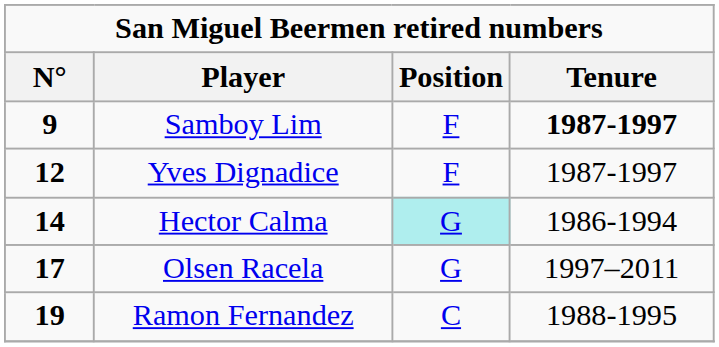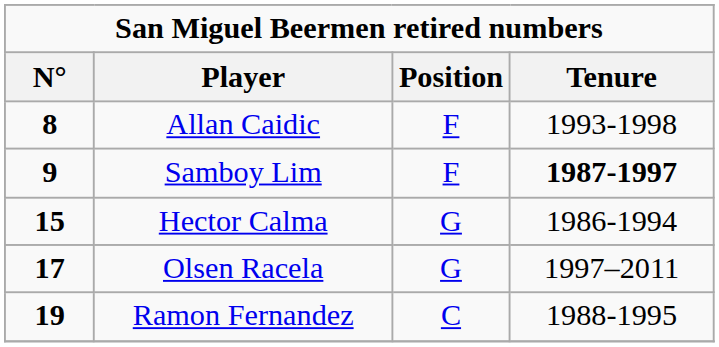 <table class="wikitable sortable" style="text-align:center">
 <tr>
 <td colspan="4" style="background: #"><strong>San Miguel Beermen retired numbers</strong></td>
 </tr>
 <tr>
 <th width=40px style="background: #">N°</th>
 <th width=150px style="background: #">Player</th>
 <th width=40px style="background: #">Position</th>
 <th width=100px style="background: #">Tenure</th>
 </tr>
 <tr>
+<td><strong>8</strong></td>
+<td><a href='#'>Allan Caidic</a></td>
+<td><a href='#'>F</a></td>
+<td>1993-1998 </td>
+</tr>
+<tr>
 <td><strong>9</strong></td>
 <td><a href='#'>Samboy Lim</a></td>
 <td><a href='#'>F</a></td>
 <td><strong>1987-1997</strong></td>
 </tr>
 <tr>
-<td><strong>12</strong></td>
-<td><a href='#'>Yves Dignadice</a></td>
-<td><a href='#'>F</a></td>
-<td>1987-1997</td>
-</tr>
-<tr>
-<td><strong>14</strong></td>
+<td><strong>15</strong></td>
 <td><a href='#'>Hector Calma</a></td>
-<td style="background: paleturquoise;"><a href='#'>G</a></td>
+<td><a href='#'>G</a></td>
 <td>1986-1994</td>
 </tr>
 <tr>
 <td><strong>17</strong></td>
 <td><a href='#'>Olsen Racela</a></td>
 <td><a href='#'>G</a></td>
 <td>1997–2011 </td>
 </tr>
 <tr>
 <td><strong>19</strong></td>
 <td><a href='#'>Ramon Fernandez</a></td>
 <td><a href='#'>C</a></td>
 <td>1988-1995 </td>
 </tr>
 <tr>
 </tr>
 </table>
